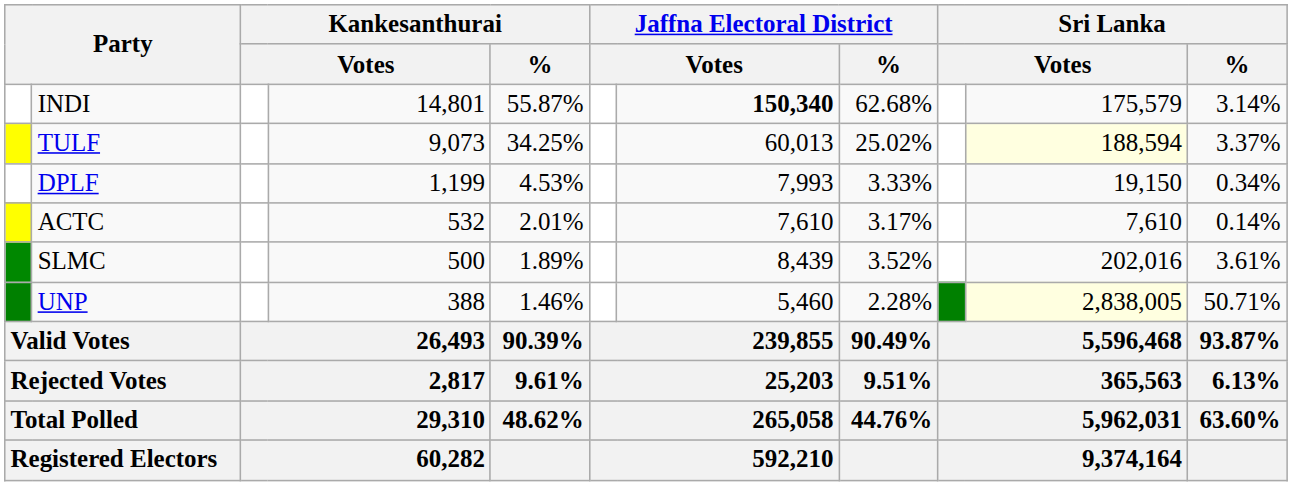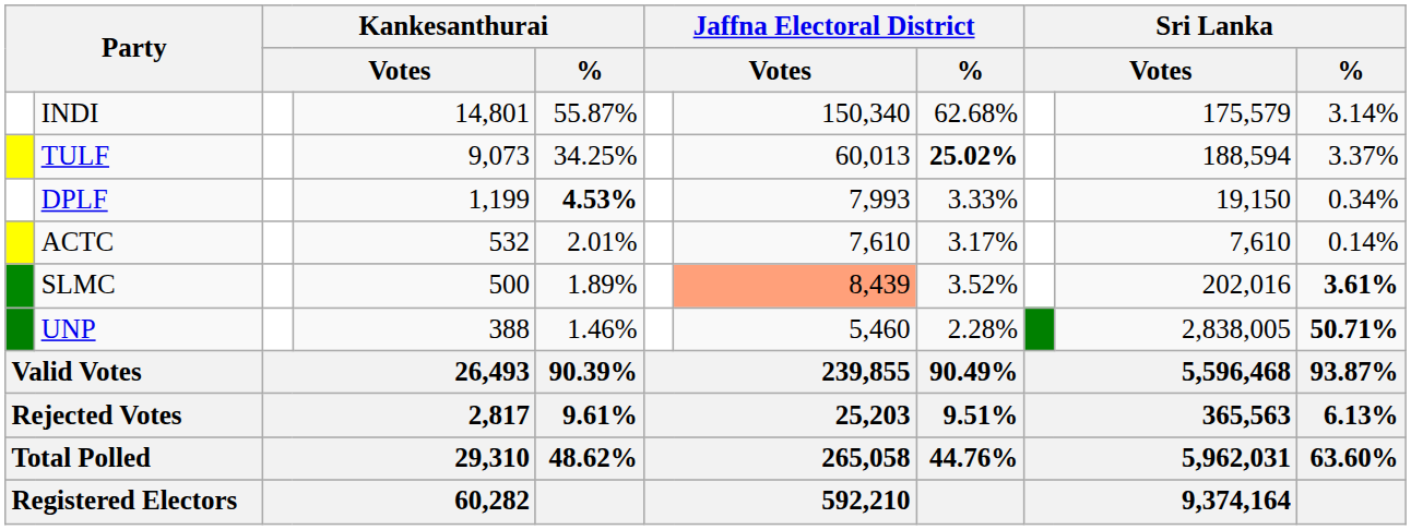 <table class="wikitable">
 <tr>
 <th colspan="2" width="144px"rowspan="2">Party</th>
 <th colspan="3" width="216px">Kankesanthurai</th>
 <th colspan="3" width="216px"><a href='#'>Jaffna Electoral District</a></th>
 <th colspan="3" width="216px">Sri Lanka</th>
 </tr>
 <tr>
 <th colspan="2" width="144px">Votes</th>
 <th>%</th>
 <th colspan="2" width="144px">Votes</th>
 <th>%</th>
 <th colspan="2" width="144px">Votes</th>
 <th>%</th>
 </tr>
 <tr>
 <td style="background-color:white;" width="10px"></td>
 <td style="text-align:left;">INDI</td>
 <td style="background-color:white;" width="10px"></td>
 <td style="text-align:right;">14,801</td>
 <td style="text-align:right;">55.87%</td>
 <td style="background-color:white;" width="10px"></td>
-<td style="text-align:right;"><strong>150,340</strong></td>
+<td style="text-align:right;">150,340</td>
 <td style="text-align:right;">62.68%</td>
 <td style="background-color:white;" width="10px"></td>
 <td style="text-align:right;">175,579</td>
 <td style="text-align:right;">3.14%</td>
 </tr>
 <tr>
 <td style="background-color:yellow;" width="10px"></td>
 <td style="text-align:left;"><a href='#'>TULF</a></td>
 <td style="background-color:white;" width="10px"></td>
 <td style="text-align:right;">9,073</td>
 <td style="text-align:right;">34.25%</td>
 <td style="background-color:white;" width="10px"></td>
 <td style="text-align:right;">60,013</td>
-<td style="text-align:right;">25.02%</td>
+<td style="text-align:right;"><strong>25.02%</strong></td>
 <td style="background-color:white;" width="10px"></td>
-<td style="background: lightyellow; text-align:right;">188,594</td>
+<td style="text-align:right;">188,594</td>
 <td style="text-align:right;">3.37%</td>
 </tr>
 <tr>
 <td style="background-color:white;" width="10px"></td>
 <td style="text-align:left;"><a href='#'>DPLF</a></td>
 <td style="background-color:white;" width="10px"></td>
 <td style="text-align:right;">1,199</td>
-<td style="text-align:right;">4.53%</td>
+<td style="text-align:right;"><strong>4.53%</strong></td>
 <td style="background-color:white;" width="10px"></td>
 <td style="text-align:right;">7,993</td>
 <td style="text-align:right;">3.33%</td>
 <td style="background-color:white;" width="10px"></td>
 <td style="text-align:right;">19,150</td>
 <td style="text-align:right;">0.34%</td>
 </tr>
 <tr>
 <td style="background-color:yellow;" width="10px"></td>
 <td style="text-align:left;">ACTC</td>
 <td style="background-color:white;" width="10px"></td>
 <td style="text-align:right;">532</td>
 <td style="text-align:right;">2.01%</td>
 <td style="background-color:white;" width="10px"></td>
 <td style="text-align:right;">7,610</td>
 <td style="text-align:right;">3.17%</td>
 <td style="background-color:white;" width="10px"></td>
 <td style="text-align:right;">7,610</td>
 <td style="text-align:right;">0.14%</td>
 </tr>
 <tr>
 <td style="background-color:#008800;" width="10px"></td>
 <td style="text-align:left;">SLMC</td>
 <td style="background-color:white;" width="10px"></td>
 <td style="text-align:right;">500</td>
 <td style="text-align:right;">1.89%</td>
 <td style="background-color:white;" width="10px"></td>
-<td style="text-align:right;">8,439</td>
+<td style="background: lightsalmon; text-align:right;">8,439</td>
 <td style="text-align:right;">3.52%</td>
 <td style="background-color:white;" width="10px"></td>
 <td style="text-align:right;">202,016</td>
-<td style="text-align:right;">3.61%</td>
+<td style="text-align:right;"><strong>3.61%</strong></td>
 </tr>
 <tr>
 <td style="background-color:green;" width="10px"></td>
 <td style="text-align:left;"><a href='#'>UNP</a></td>
 <td style="background-color:white;" width="10px"></td>
 <td style="text-align:right;">388</td>
 <td style="text-align:right;">1.46%</td>
 <td style="background-color:white;" width="10px"></td>
 <td style="text-align:right;">5,460</td>
 <td style="text-align:right;">2.28%</td>
 <td style="background-color:green;" width="10px"></td>
-<td style="background: lightyellow; text-align:right;">2,838,005</td>
-<td style="text-align:right;">50.71%</td>
+<td style="text-align:right;">2,838,005</td>
+<td style="text-align:right;"><strong>50.71%</strong></td>
 </tr>
 <tr>
 <th colspan="2" width="144px"style="text-align:left;">Valid Votes</th>
 <th style="text-align:right;"colspan="2" width="144px">26,493</th>
 <th style="text-align:right;">90.39%</th>
 <th style="text-align:right;"colspan="2" width="144px">239,855</th>
 <th style="text-align:right;">90.49%</th>
 <th style="text-align:right;"colspan="2" width="144px">5,596,468</th>
 <th style="text-align:right;">93.87%</th>
 </tr>
 <tr>
 <th colspan="2" width="144px"style="text-align:left;">Rejected Votes</th>
 <th style="text-align:right;"colspan="2" width="144px">2,817</th>
 <th style="text-align:right;">9.61%</th>
 <th style="text-align:right;"colspan="2" width="144px">25,203</th>
 <th style="text-align:right;">9.51%</th>
 <th style="text-align:right;"colspan="2" width="144px">365,563</th>
 <th style="text-align:right;">6.13%</th>
 </tr>
 <tr>
 <th colspan="2" width="144px"style="text-align:left;">Total Polled</th>
 <th style="text-align:right;"colspan="2" width="144px">29,310</th>
 <th style="text-align:right;">48.62%</th>
 <th style="text-align:right;"colspan="2" width="144px">265,058</th>
 <th style="text-align:right;">44.76%</th>
 <th style="text-align:right;"colspan="2" width="144px">5,962,031</th>
 <th style="text-align:right;">63.60%</th>
 </tr>
 <tr>
 <th colspan="2" width="144px"style="text-align:left;">Registered Electors</th>
 <th style="text-align:right;"colspan="2" width="144px">60,282</th>
 <th></th>
 <th style="text-align:right;"colspan="2" width="144px">592,210</th>
 <th></th>
 <th style="text-align:right;"colspan="2" width="144px">9,374,164</th>
 <th></th>
 </tr>
 </table>
